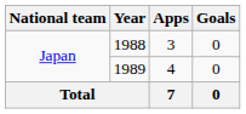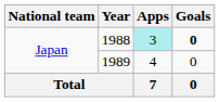 <table class="wikitable" style="text-align:center">
 <tr>
 <th>National team</th>
 <th>Year</th>
 <th>Apps</th>
 <th>Goals</th>
 </tr>
 <tr>
 <td rowspan="2"><a href='#'>Japan</a></td>
 <td>1988</td>
-<td>3</td>
-<td>0</td>
+<td style="background: paleturquoise;">3</td>
+<td><strong>0</strong></td>
 </tr>
 <tr>
 <td>1989</td>
 <td>4</td>
 <td>0</td>
 </tr>
 <tr>
 <th colspan="2">Total</th>
 <th>7</th>
 <th>0</th>
 </tr>
 </table>
